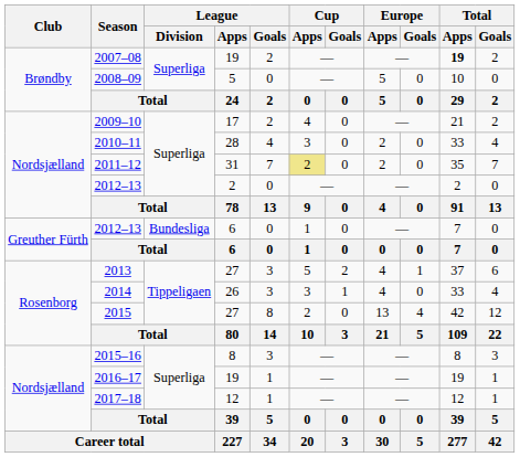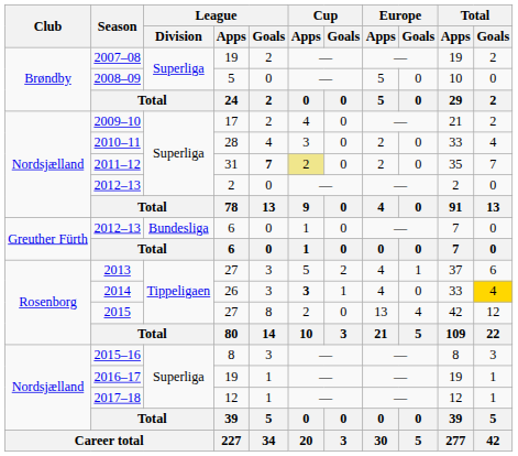 <table class="wikitable" style="text-align: center">
 <tr>
 <th rowspan=2>Club</th>
 <th rowspan=2>Season</th>
 <th colspan=3>League</th>
 <th colspan=2>Cup</th>
 <th colspan=2>Europe</th>
 <th colspan=2>Total</th>
 </tr>
 <tr>
 <th>Division</th>
 <th>Apps</th>
 <th>Goals</th>
 <th>Apps</th>
 <th>Goals</th>
 <th>Apps</th>
 <th>Goals</th>
 <th>Apps</th>
 <th>Goals</th>
 </tr>
 <tr>
 <td rowspan=3><a href='#'>Brøndby</a></td>
 <td><a href='#'>2007–08</a></td>
 <td rowspan=2><a href='#'>Superliga</a></td>
 <td>19</td>
 <td>2</td>
 <td colspan=2>—</td>
 <td colspan=2>—</td>
-<td><strong>19</strong></td>
+<td>19</td>
 <td>2</td>
 </tr>
 <tr>
 <td><a href='#'>2008–09</a></td>
 <td>5</td>
 <td>0</td>
 <td colspan=2>—</td>
 <td>5</td>
 <td>0</td>
 <td>10</td>
 <td>0</td>
 </tr>
 <tr>
 <th colspan=2>Total</th>
 <th>24</th>
 <th>2</th>
 <th>0</th>
 <th>0</th>
 <th>5</th>
 <th>0</th>
 <th>29</th>
 <th>2</th>
 </tr>
 <tr>
 <td rowspan=5><a href='#'>Nordsjælland</a></td>
 <td><a href='#'>2009–10</a></td>
 <td rowspan=4>Superliga</td>
 <td>17</td>
 <td>2</td>
 <td>4</td>
 <td>0</td>
 <td colspan=2>—</td>
 <td>21</td>
 <td>2</td>
 </tr>
 <tr>
 <td><a href='#'>2010–11</a></td>
 <td>28</td>
 <td>4</td>
 <td>3</td>
 <td>0</td>
 <td>2</td>
 <td>0</td>
 <td>33</td>
 <td>4</td>
 </tr>
 <tr>
 <td><a href='#'>2011–12</a></td>
 <td>31</td>
-<td>7</td>
+<td><strong>7</strong></td>
 <td style="background: khaki;">2</td>
 <td>0</td>
 <td>2</td>
 <td>0</td>
 <td>35</td>
 <td>7</td>
 </tr>
 <tr>
 <td><a href='#'>2012–13</a></td>
 <td>2</td>
 <td>0</td>
 <td colspan=2>—</td>
 <td colspan=2>—</td>
 <td>2</td>
 <td>0</td>
 </tr>
 <tr>
 <th colspan=2>Total</th>
 <th>78</th>
 <th>13</th>
 <th>9</th>
 <th>0</th>
 <th>4</th>
 <th>0</th>
 <th>91</th>
 <th>13</th>
 </tr>
 <tr>
 <td rowspan=2><a href='#'>Greuther Fürth</a></td>
 <td><a href='#'>2012–13</a></td>
 <td><a href='#'>Bundesliga</a></td>
 <td>6</td>
 <td>0</td>
 <td>1</td>
 <td>0</td>
 <td colspan=2>—</td>
 <td>7</td>
 <td>0</td>
 </tr>
 <tr>
 <th colspan=2>Total</th>
 <th>6</th>
 <th>0</th>
 <th>1</th>
 <th>0</th>
 <th>0</th>
 <th>0</th>
 <th>7</th>
 <th>0</th>
 </tr>
 <tr>
 <td rowspan=4><a href='#'>Rosenborg</a></td>
 <td><a href='#'>2013</a></td>
 <td rowspan=3><a href='#'>Tippeligaen</a></td>
 <td>27</td>
 <td>3</td>
 <td>5</td>
 <td>2</td>
 <td>4</td>
 <td>1</td>
 <td>37</td>
 <td>6</td>
 </tr>
 <tr>
 <td><a href='#'>2014</a></td>
 <td>26</td>
 <td>3</td>
-<td>3</td>
+<td><strong>3</strong></td>
 <td>1</td>
 <td>4</td>
 <td>0</td>
 <td>33</td>
-<td>4</td>
+<td style="background: gold;">4</td>
 </tr>
 <tr>
 <td><a href='#'>2015</a></td>
 <td>27</td>
 <td>8</td>
 <td>2</td>
 <td>0</td>
 <td>13</td>
 <td>4</td>
 <td>42</td>
 <td>12</td>
 </tr>
 <tr>
 <th colspan=2>Total</th>
 <th>80</th>
 <th>14</th>
 <th>10</th>
 <th>3</th>
 <th>21</th>
 <th>5</th>
 <th>109</th>
 <th>22</th>
 </tr>
 <tr>
 <td rowspan=4><a href='#'>Nordsjælland</a></td>
 <td><a href='#'>2015–16</a></td>
 <td rowspan=3>Superliga</td>
 <td>8</td>
 <td>3</td>
 <td colspan=2>—</td>
 <td colspan=2>—</td>
 <td>8</td>
 <td>3</td>
 </tr>
 <tr>
 <td><a href='#'>2016–17</a></td>
 <td>19</td>
 <td>1</td>
 <td colspan=2>—</td>
 <td colspan=2>—</td>
 <td>19</td>
 <td>1</td>
 </tr>
 <tr>
 <td><a href='#'>2017–18</a></td>
 <td>12</td>
 <td>1</td>
 <td colspan=2>—</td>
 <td colspan=2>—</td>
 <td>12</td>
 <td>1</td>
 </tr>
 <tr>
 <th colspan=2>Total</th>
 <th>39</th>
 <th>5</th>
 <th>0</th>
 <th>0</th>
 <th>0</th>
 <th>0</th>
 <th>39</th>
 <th>5</th>
 </tr>
 <tr>
 <th colspan=3>Career total</th>
 <th>227</th>
 <th>34</th>
 <th>20</th>
 <th>3</th>
 <th>30</th>
 <th>5</th>
 <th>277</th>
 <th>42</th>
 </tr>
 </table>
